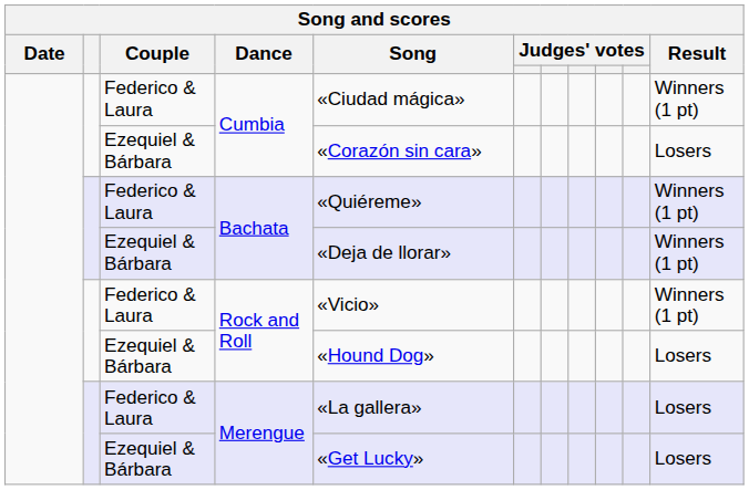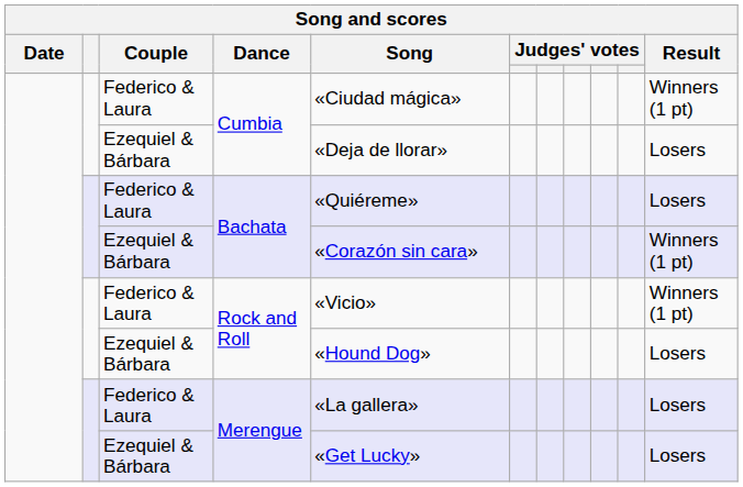 <table class="wikitable collapsible collapsed" style=" text-align: align; width: 100%;">
 <tr>
 <th colspan="11" style="with: 100%;" align="center">Song and scores</th>
 </tr>
 <tr>
 <th width=95 rowspan=2>Date</th>
 <th width=15 rowspan=2></th>
 <th width=130 rowspan=2>Couple</th>
 <th width=80 rowspan=2>Dance</th>
 <th width=270 rowspan=2>Song</th>
 <th width=150 colspan=5>Judges' votes</th>
 <th width=90 rowspan=2>Result</th>
 </tr>
 <tr>
 <th width=30></th>
 <th width=30></th>
 <th width=30></th>
 <th width=30></th>
 <th width=30></th>
 </tr>
 <tr>
 <td rowspan="8"></td>
 <td rowspan="2"></td>
 <td>Federico & Laura</td>
 <td rowspan="2"><a href='#'>Cumbia</a></td>
 <td>«Ciudad mágica» </td>
 <td></td>
 <td></td>
 <td></td>
 <td></td>
 <td></td>
 <td>Winners (1 pt)</td>
 </tr>
 <tr>
 <td>Ezequiel & Bárbara</td>
-<td>«<a href='#'>Corazón sin cara</a>» </td>
+<td>«Deja de llorar» </td>
 <td></td>
 <td></td>
 <td></td>
 <td></td>
 <td></td>
 <td>Losers</td>
 </tr>
 <tr style="background:lavender;">
 <td rowspan="2"></td>
 <td>Federico & Laura</td>
 <td rowspan="2"><a href='#'>Bachata</a></td>
 <td>«Quiéreme» </td>
 <td></td>
 <td></td>
 <td></td>
 <td></td>
 <td></td>
-<td>Winners (1 pt)</td>
+<td>Losers</td>
 </tr>
 <tr style="background:lavender;">
 <td>Ezequiel & Bárbara</td>
-<td>«Deja de llorar» </td>
+<td>«<a href='#'>Corazón sin cara</a>» </td>
 <td></td>
 <td></td>
 <td></td>
 <td></td>
 <td></td>
 <td>Winners (1 pt)</td>
 </tr>
 <tr>
 <td rowspan="2"></td>
 <td>Federico & Laura</td>
 <td rowspan="2"><a href='#'>Rock and Roll</a></td>
 <td>«Vicio» </td>
 <td></td>
 <td></td>
 <td></td>
 <td></td>
 <td></td>
 <td>Winners (1 pt)</td>
 </tr>
 <tr>
 <td>Ezequiel & Bárbara</td>
 <td>«<a href='#'>Hound Dog</a>» </td>
 <td></td>
 <td></td>
 <td></td>
 <td></td>
 <td></td>
 <td>Losers</td>
 </tr>
 <tr style="background:lavender;">
 <td rowspan="2"></td>
 <td>Federico & Laura</td>
 <td rowspan="2"><a href='#'>Merengue</a></td>
 <td>«La gallera» </td>
 <td></td>
 <td></td>
 <td></td>
 <td></td>
 <td></td>
 <td>Losers</td>
 </tr>
 <tr style="background:lavender;">
 <td>Ezequiel & Bárbara</td>
 <td>«<a href='#'>Get Lucky</a>» </td>
 <td></td>
 <td></td>
 <td></td>
 <td></td>
 <td></td>
 <td>Losers</td>
 </tr>
 </table>
